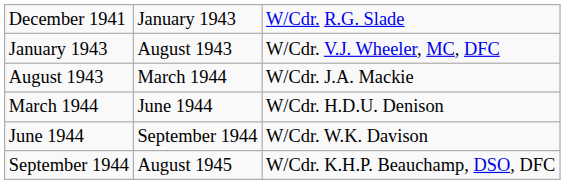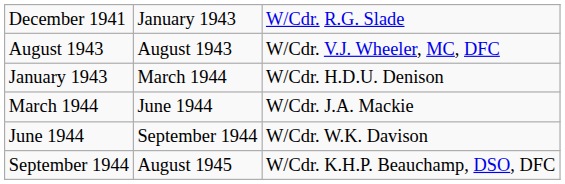 <table class="wikitable">
 <tr>
 <td>December 1941</td>
 <td>January 1943</td>
 <td><a href='#'>W/Cdr.</a> <a href='#'>R.G. Slade</a></td>
 </tr>
 <tr>
-<td>January 1943</td>
+<td>August 1943</td>
 <td>August 1943</td>
 <td>W/Cdr. <a href='#'>V.J. Wheeler</a>, <a href='#'>MC</a>, <a href='#'>DFC</a></td>
 </tr>
 <tr>
-<td>August 1943</td>
+<td>January 1943</td>
 <td>March 1944</td>
-<td>W/Cdr. J.A. Mackie</td>
+<td>W/Cdr. H.D.U. Denison</td>
 </tr>
 <tr>
 <td>March 1944</td>
 <td>June 1944</td>
-<td>W/Cdr. H.D.U. Denison</td>
+<td>W/Cdr. J.A. Mackie</td>
 </tr>
 <tr>
 <td>June 1944</td>
 <td>September 1944</td>
 <td>W/Cdr. W.K. Davison</td>
 </tr>
 <tr>
 <td>September 1944</td>
 <td>August 1945</td>
 <td>W/Cdr. K.H.P. Beauchamp, <a href='#'>DSO</a>, DFC</td>
 </tr>
 </table>
